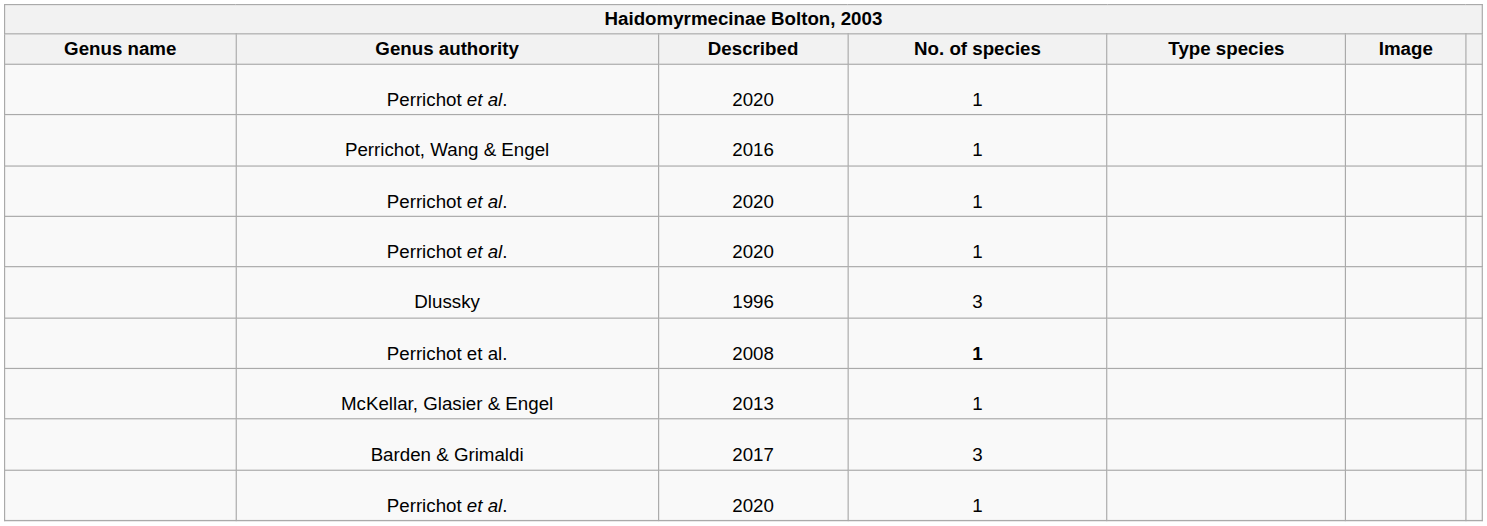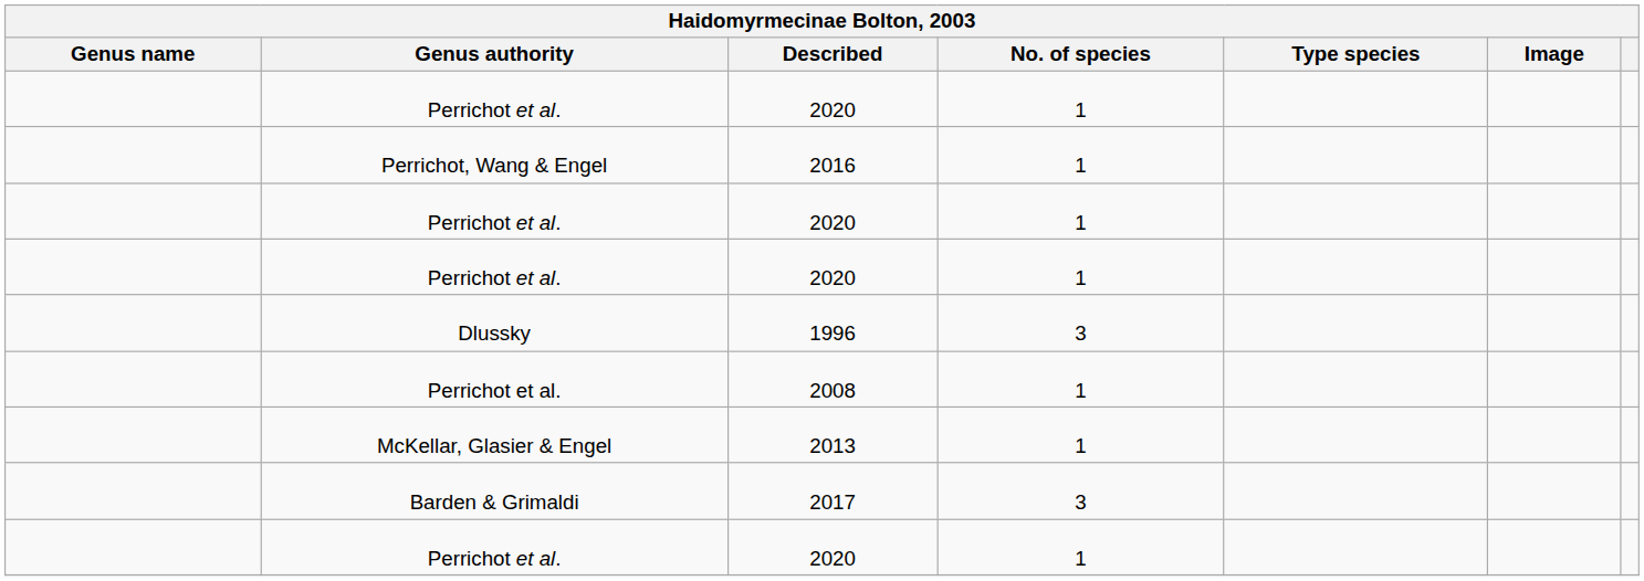 <table class="wikitable sortable" style="width:100%;text-align:center">
 <tr>
 <th colspan="100%" align="center" bgcolor=#d3d3a4>Haidomyrmecinae Bolton, 2003</th>
 </tr>
 <tr>
 <th>Genus name</th>
 <th>Genus authority</th>
 <th>Described</th>
 <th>No. of species</th>
 <th>Type species</th>
 <th class="unsortable">Image</th>
 <th class="unsortable"></th>
 </tr>
 <tr>
 <td><br></td>
 <td><br>Perrichot <em>et al</em>.</td>
 <td><br>2020</td>
 <td><br>1</td>
 <td><br></td>
 <td><br></td>
 <td><br></td>
 </tr>
 <tr>
 <td><br></td>
 <td><br>Perrichot, Wang & Engel</td>
 <td><br>2016</td>
 <td><br>1</td>
 <td><br></td>
 <td><br></td>
 <td><br></td>
 </tr>
 <tr>
 <td><br></td>
 <td><br>Perrichot <em>et al</em>.</td>
 <td><br>2020</td>
 <td><br>1</td>
 <td><br></td>
 <td></td>
 <td><br></td>
 </tr>
 <tr>
 <td><br></td>
 <td><br>Perrichot <em>et al</em>.</td>
 <td><br>2020</td>
 <td><br>1</td>
 <td><br></td>
 <td></td>
 <td><br></td>
 </tr>
 <tr>
 <td><br></td>
 <td><br>Dlussky</td>
 <td><br>1996</td>
 <td><br>3</td>
 <td><br></td>
 <td><br></td>
 <td><br></td>
 </tr>
 <tr>
 <td><br></td>
 <td><br>Perrichot et al.</td>
 <td><br>2008</td>
-<td><strong><br>1</strong></td>
+<td><br>1</td>
 <td><br></td>
 <td><br></td>
 <td><br></td>
 </tr>
 <tr>
 <td><br></td>
 <td><br>McKellar, Glasier & Engel</td>
 <td><br>2013</td>
 <td><br>1</td>
 <td><br></td>
 <td><br></td>
 <td><br></td>
 </tr>
 <tr>
 <td><br></td>
 <td><br>Barden & Grimaldi</td>
 <td><br>2017</td>
 <td><br>3</td>
 <td><br></td>
 <td><br></td>
 <td><br></td>
 </tr>
 <tr>
 <td><br></td>
 <td><br>Perrichot <em>et al</em>.</td>
 <td><br>2020</td>
 <td><br>1</td>
 <td><br></td>
 <td></td>
 <td><br></td>
 </tr>
 <tr>
 </tr>
 </table>
